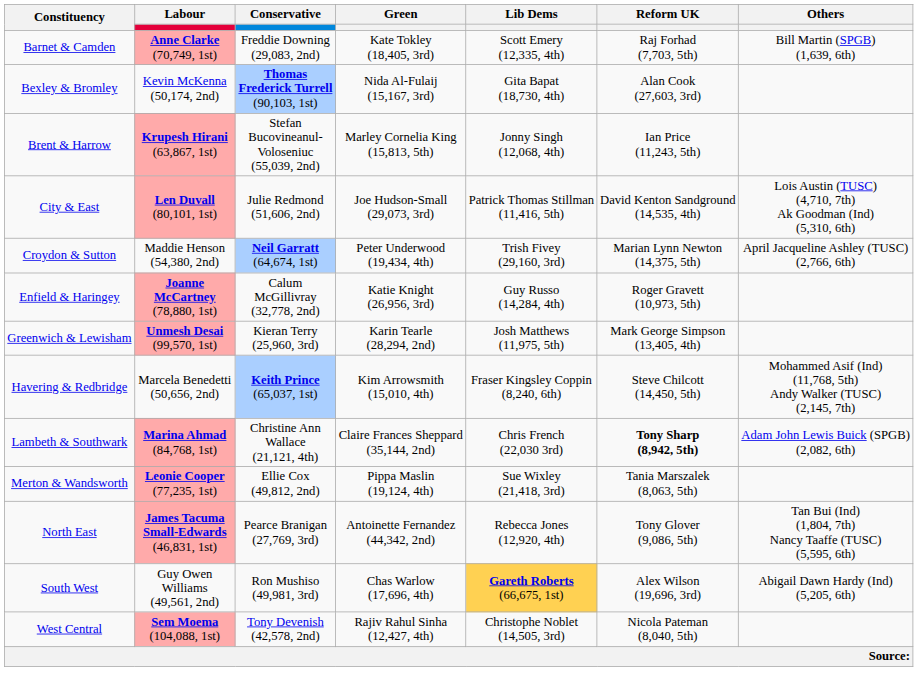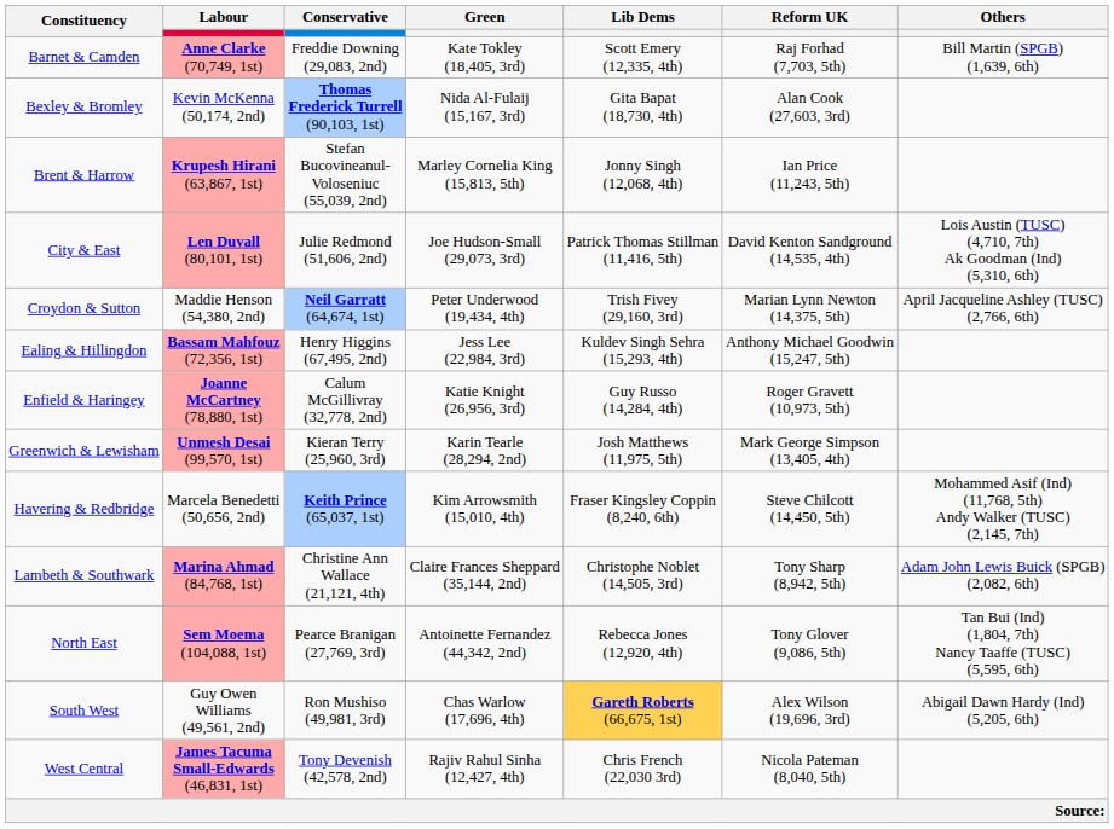 <table class="wikitable" style="text-align:center;">
 <tr>
 <th rowspan="2">Constituency</th>
 <th>Labour</th>
 <th>Conservative</th>
 <th>Green</th>
 <th>Lib Dems</th>
 <th>Reform UK</th>
 <th>Others</th>
 </tr>
 <tr>
 <th style="background:#e4003b; color:white; width:120px;"></th>
 <th style="background:#0087dc; color:white; width:120px;"></th>
 <th style="background:"></th>
 <th style="background:"></th>
 <th style="background:"></th>
 <th color:white; width:120px;></th>
 </tr>
 <tr>
 <td><a href='#'>Barnet & Camden</a></td>
 <td style="background:#faa;"><strong><a href='#'>Anne Clarke</a></strong><br>(70,749, 1st)</td>
 <td>Freddie Downing<br>(29,083, 2nd)</td>
 <td>Kate Tokley<br>(18,405, 3rd)</td>
 <td>Scott Emery<br>(12,335, 4th)</td>
 <td>Raj Forhad<br>(7,703, 5th)</td>
 <td>Bill Martin (<a href='#'>SPGB</a>)<br>(1,639, 6th)</td>
 </tr>
 <tr>
 <td><a href='#'>Bexley & Bromley</a></td>
 <td><a href='#'>Kevin McKenna</a><br>(50,174, 2nd)</td>
 <td style="background:#aacfff"><strong><a href='#'>Thomas Frederick Turrell</a></strong><br>(90,103, 1st)</td>
 <td>Nida Al-Fulaij<br>(15,167, 3rd)</td>
 <td>Gita Bapat<br>(18,730, 4th)</td>
 <td>Alan Cook<br>(27,603, 3rd)</td>
 <td></td>
 </tr>
 <tr>
 <td><a href='#'>Brent & Harrow</a></td>
 <td style="background:#faa;"><strong><a href='#'>Krupesh Hirani</a></strong><br>(63,867, 1st)</td>
 <td>Stefan Bucovineanul-Voloseniuc<br>(55,039, 2nd)</td>
 <td>Marley Cornelia King<br>(15,813, 5th)</td>
 <td>Jonny Singh<br>(12,068, 4th)</td>
 <td>Ian Price<br>(11,243, 5th)</td>
 <td></td>
 </tr>
 <tr>
 <td><a href='#'>City & East</a></td>
 <td style="background:#faa;"><strong><a href='#'>Len Duvall</a></strong><br>(80,101, 1st)</td>
 <td>Julie Redmond<br>(51,606, 2nd)</td>
 <td>Joe Hudson-Small<br>(29,073, 3rd)</td>
 <td>Patrick Thomas Stillman<br>(11,416, 5th)</td>
 <td>David Kenton Sandground<br>(14,535, 4th)</td>
 <td>Lois Austin (<a href='#'>TUSC</a>)<br>(4,710, 7th)<br>Ak Goodman (Ind)<br>(5,310, 6th)</td>
 </tr>
 <tr>
 <td><a href='#'>Croydon & Sutton</a></td>
 <td>Maddie Henson<br>(54,380, 2nd)</td>
 <td style="background:#aacfff"><strong><a href='#'>Neil Garratt</a></strong><br>(64,674, 1st)</td>
 <td>Peter Underwood<br>(19,434, 4th)</td>
 <td>Trish Fivey<br>(29,160, 3rd)</td>
 <td>Marian Lynn Newton<br>(14,375, 5th)</td>
 <td>April Jacqueline Ashley (TUSC)<br>(2,766, 6th)</td>
 </tr>
 <tr>
+<td><a href='#'>Ealing & Hillingdon</a></td>
+<td style="background:#faa;"><strong><a href='#'>Bassam Mahfouz</a></strong><br>(72,356, 1st)</td>
+<td>Henry Higgins<br>(67,495, 2nd)</td>
+<td>Jess Lee<br>(22,984, 3rd)</td>
+<td>Kuldev Singh Sehra<br>(15,293, 4th)</td>
+<td>Anthony Michael Goodwin<br>(15,247, 5th)</td>
+<td></td>
+</tr>
+<tr>
 <td><a href='#'>Enfield & Haringey</a></td>
 <td style="background:#faa;"><strong><a href='#'>Joanne McCartney</a></strong><br>(78,880, 1st)</td>
 <td>Calum McGillivray<br>(32,778, 2nd)</td>
 <td>Katie Knight<br>(26,956, 3rd)</td>
 <td>Guy Russo<br>(14,284, 4th)</td>
 <td>Roger Gravett<br>(10,973, 5th)</td>
 <td></td>
 </tr>
 <tr>
 <td><a href='#'>Greenwich & Lewisham</a></td>
 <td style="background:#faa;"><strong><a href='#'>Unmesh Desai</a></strong><br>(99,570, 1st)</td>
 <td>Kieran Terry<br>(25,960, 3rd)</td>
 <td>Karin Tearle<br>(28,294, 2nd)</td>
 <td>Josh Matthews<br>(11,975, 5th)</td>
 <td>Mark George Simpson<br>(13,405, 4th)</td>
 <td></td>
 </tr>
 <tr>
 <td><a href='#'>Havering & Redbridge</a></td>
 <td>Marcela Benedetti<br>(50,656, 2nd)</td>
 <td style="background:#aacfff"><strong><a href='#'>Keith Prince</a></strong><br>(65,037, 1st)</td>
 <td>Kim Arrowsmith<br>(15,010, 4th)</td>
 <td>Fraser Kingsley Coppin<br>(8,240, 6th)</td>
 <td>Steve Chilcott<br>(14,450, 5th)</td>
 <td>Mohammed Asif (Ind)<br>(11,768, 5th)<br>Andy Walker (TUSC)<br>(2,145, 7th)</td>
 </tr>
 <tr>
 <td><a href='#'>Lambeth & Southwark</a></td>
 <td style="background:#faa;"><strong><a href='#'>Marina Ahmad</a></strong><br>(84,768, 1st)</td>
 <td>Christine Ann Wallace<br>(21,121, 4th)</td>
 <td>Claire Frances Sheppard<br>(35,144, 2nd)</td>
-<td>Chris French<br>(22,030 3rd)</td>
-<td><strong>Tony Sharp<br>(8,942, 5th)</strong></td>
+<td>Christophe Noblet<br>(14,505, 3rd)</td>
+<td>Tony Sharp<br>(8,942, 5th)</td>
 <td><a href='#'>Adam John Lewis Buick</a> (SPGB)<br>(2,082, 6th)</td>
 </tr>
 <tr>
-<td><a href='#'>Merton & Wandsworth</a></td>
-<td style="background:#faa;"><strong><a href='#'>Leonie Cooper</a></strong><br>(77,235, 1st)</td>
-<td>Ellie Cox<br>(49,812, 2nd)</td>
-<td>Pippa Maslin<br>(19,124, 4th)</td>
-<td>Sue Wixley<br>(21,418, 3rd)</td>
-<td>Tania Marszalek<br>(8,063, 5th)</td>
-<td></td>
-</tr>
-<tr>
 <td><a href='#'>North East</a></td>
-<td style="background:#faa;"><strong><a href='#'>James Tacuma Small-Edwards</a></strong><br>(46,831, 1st)</td>
+<td style="background:#faa;"><strong><a href='#'>Sem Moema</a></strong><br>(104,088, 1st)</td>
 <td>Pearce Branigan<br>(27,769, 3rd)</td>
 <td>Antoinette Fernandez<br>(44,342, 2nd)</td>
 <td>Rebecca Jones<br>(12,920, 4th)</td>
 <td>Tony Glover<br>(9,086, 5th)</td>
 <td>Tan Bui (Ind)<br>(1,804, 7th)<br>Nancy Taaffe (TUSC)<br>(5,595, 6th)</td>
 </tr>
 <tr>
 <td><a href='#'>South West</a></td>
 <td>Guy Owen Williams<br>(49,561, 2nd)</td>
 <td>Ron Mushiso<br>(49,981, 3rd)</td>
 <td>Chas Warlow<br>(17,696, 4th)</td>
 <td style="background:#ffd152;"><strong><a href='#'>Gareth Roberts</a></strong><br>(66,675, 1st)</td>
 <td>Alex Wilson<br>(19,696, 3rd)</td>
 <td>Abigail Dawn Hardy (Ind)<br>(5,205, 6th)</td>
 </tr>
 <tr>
 <td><a href='#'>West Central</a></td>
-<td style="background:#faa;"><strong><a href='#'>Sem Moema</a></strong><br>(104,088, 1st)</td>
+<td style="background:#faa;"><strong><a href='#'>James Tacuma Small-Edwards</a></strong><br>(46,831, 1st)</td>
 <td><a href='#'>Tony Devenish</a><br>(42,578, 2nd)</td>
 <td>Rajiv Rahul Sinha<br>(12,427, 4th)</td>
-<td>Christophe Noblet<br>(14,505, 3rd)</td>
+<td>Chris French<br>(22,030 3rd)</td>
 <td>Nicola Pateman<br>(8,040, 5th)</td>
 <td></td>
 </tr>
 <tr>
 <th colspan="7" style="text-align:right;">Source: </th>
 </tr>
 </table>
